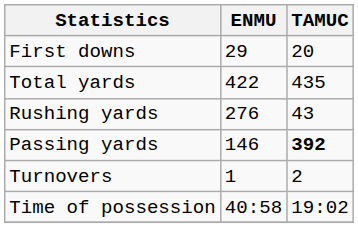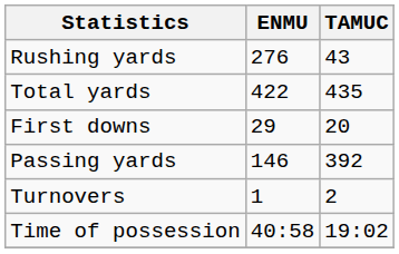 <table class="wikitable">
 <tr>
 <th>Statistics</th>
 <th>ENMU</th>
 <th>TAMUC</th>
 </tr>
 <tr>
-<td>First downs</td>
-<td>29</td>
-<td>20</td>
+<td>Rushing yards</td>
+<td>276</td>
+<td>43</td>
 </tr>
 <tr>
 <td>Total yards</td>
 <td>422</td>
 <td>435</td>
 </tr>
 <tr>
-<td>Rushing yards</td>
-<td>276</td>
-<td>43</td>
+<td>First downs</td>
+<td>29</td>
+<td>20</td>
 </tr>
 <tr>
 <td>Passing yards</td>
 <td>146</td>
-<td><strong>392</strong></td>
+<td>392</td>
 </tr>
 <tr>
 <td>Turnovers</td>
 <td>1</td>
 <td>2</td>
 </tr>
 <tr>
 <td>Time of possession</td>
 <td>40:58</td>
 <td>19:02</td>
 </tr>
 <tr>
 </tr>
 </table>
